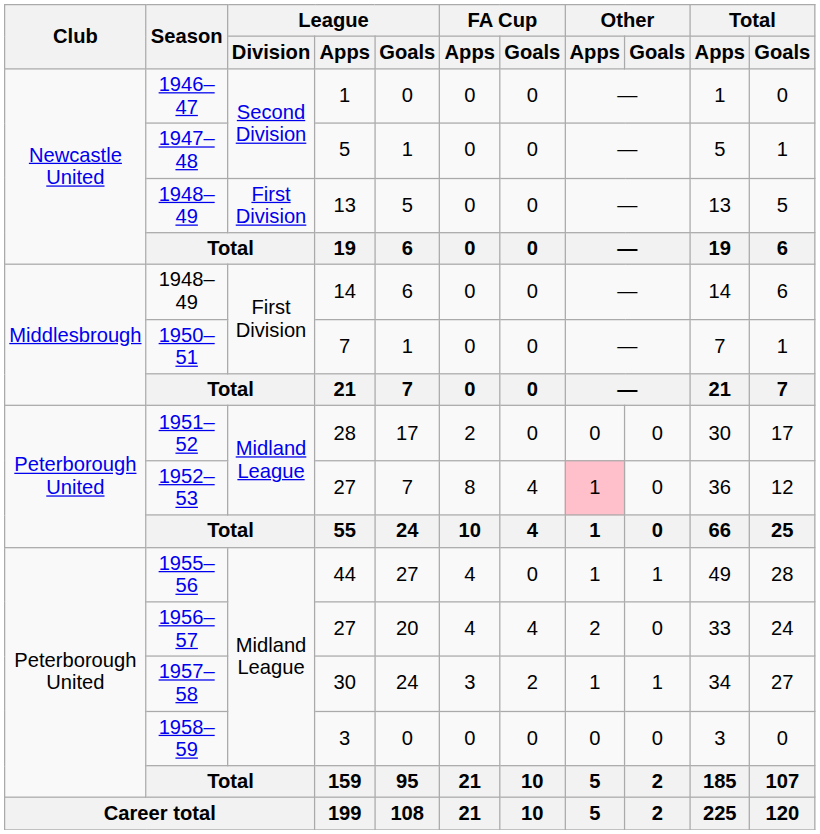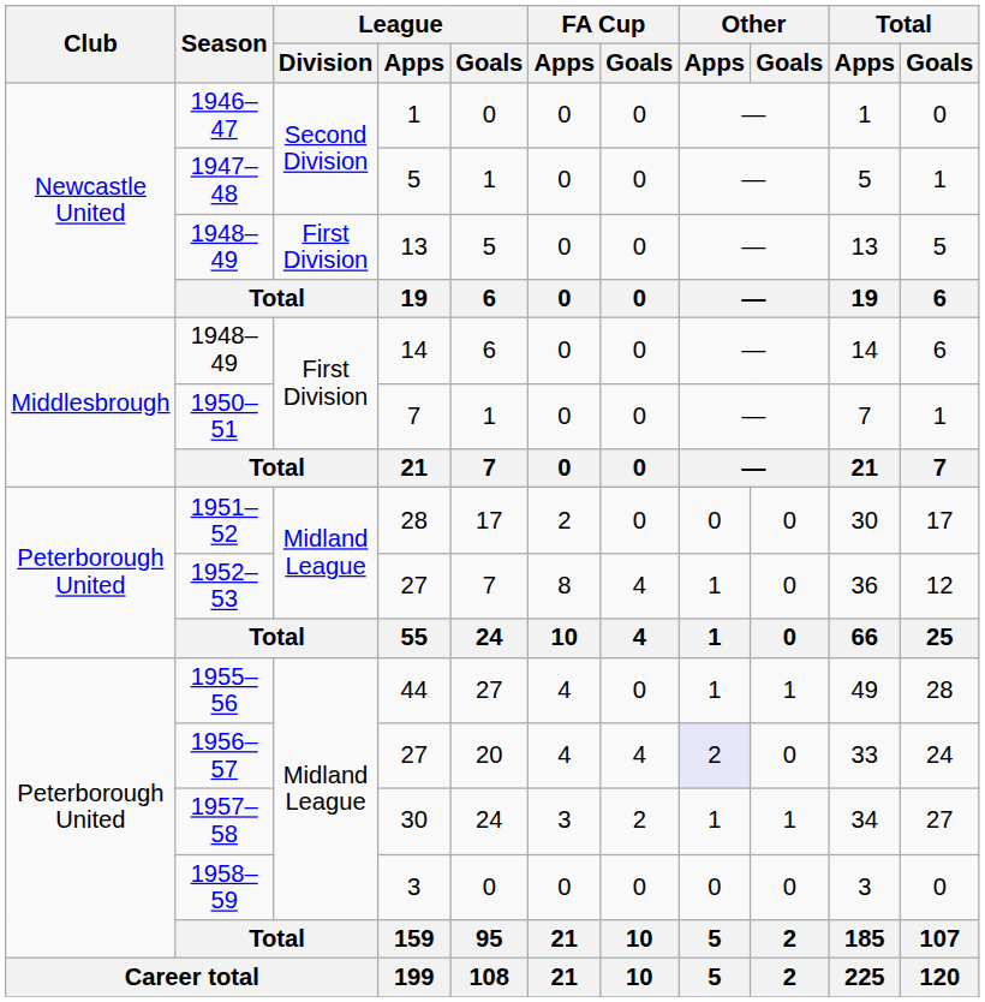 <table class="wikitable" style="text-align: center;">
 <tr>
 <th rowspan="2">Club</th>
 <th rowspan="2">Season</th>
 <th colspan="3">League</th>
 <th colspan="2">FA Cup</th>
 <th colspan="2">Other</th>
 <th colspan="2">Total</th>
 </tr>
 <tr>
 <th>Division</th>
 <th>Apps</th>
 <th>Goals</th>
 <th>Apps</th>
 <th>Goals</th>
 <th>Apps</th>
 <th>Goals</th>
 <th>Apps</th>
 <th>Goals</th>
 </tr>
 <tr>
 <td rowspan="4"><a href='#'>Newcastle United</a></td>
 <td><a href='#'>1946–47</a></td>
 <td rowspan="2"><a href='#'>Second Division</a></td>
 <td>1</td>
 <td>0</td>
 <td>0</td>
 <td>0</td>
 <td colspan="2">—</td>
 <td>1</td>
 <td>0</td>
 </tr>
 <tr>
 <td><a href='#'>1947–48</a></td>
 <td>5</td>
 <td>1</td>
 <td>0</td>
 <td>0</td>
 <td colspan="2">—</td>
 <td>5</td>
 <td>1</td>
 </tr>
 <tr>
 <td><a href='#'>1948–49</a></td>
 <td><a href='#'>First Division</a></td>
 <td>13</td>
 <td>5</td>
 <td>0</td>
 <td>0</td>
 <td colspan="2">—</td>
 <td>13</td>
 <td>5</td>
 </tr>
 <tr>
 <th colspan="2">Total</th>
 <th>19</th>
 <th>6</th>
 <th>0</th>
 <th>0</th>
 <th colspan="2">—</th>
 <th>19</th>
 <th>6</th>
 </tr>
 <tr>
 <td rowspan="3"><a href='#'>Middlesbrough</a></td>
 <td>1948–49</td>
 <td rowspan="2">First Division</td>
 <td>14</td>
 <td>6</td>
 <td>0</td>
 <td>0</td>
 <td colspan="2">—</td>
 <td>14</td>
 <td>6</td>
 </tr>
 <tr>
 <td><a href='#'>1950–51</a></td>
 <td>7</td>
 <td>1</td>
 <td>0</td>
 <td>0</td>
 <td colspan="2">—</td>
 <td>7</td>
 <td>1</td>
 </tr>
 <tr>
 <th colspan="2">Total</th>
 <th>21</th>
 <th>7</th>
 <th>0</th>
 <th>0</th>
 <th colspan="2">—</th>
 <th>21</th>
 <th>7</th>
 </tr>
 <tr>
 <td rowspan="3"><a href='#'>Peterborough United</a></td>
 <td><a href='#'>1951–52</a></td>
 <td rowspan="2"><a href='#'>Midland League</a></td>
 <td>28</td>
 <td>17</td>
 <td>2</td>
 <td>0</td>
 <td>0</td>
 <td>0</td>
 <td>30</td>
 <td>17</td>
 </tr>
 <tr>
 <td><a href='#'>1952–53</a></td>
 <td>27</td>
 <td>7</td>
 <td>8</td>
 <td>4</td>
-<td style="background: pink;">1</td>
+<td>1</td>
 <td>0</td>
 <td>36</td>
 <td>12</td>
 </tr>
 <tr>
 <th colspan="2">Total</th>
 <th>55</th>
 <th>24</th>
 <th>10</th>
 <th>4</th>
 <th>1</th>
 <th>0</th>
 <th>66</th>
 <th>25</th>
 </tr>
 <tr>
 <td rowspan="5">Peterborough United</td>
 <td><a href='#'>1955–56</a></td>
 <td rowspan="4">Midland League</td>
 <td>44</td>
 <td>27</td>
 <td>4</td>
 <td>0</td>
 <td>1</td>
 <td>1</td>
 <td>49</td>
 <td>28</td>
 </tr>
 <tr>
 <td><a href='#'>1956–57</a></td>
 <td>27</td>
 <td>20</td>
 <td>4</td>
 <td>4</td>
-<td>2</td>
+<td style="background: lavender;">2</td>
 <td>0</td>
 <td>33</td>
 <td>24</td>
 </tr>
 <tr>
 <td><a href='#'>1957–58</a></td>
 <td>30</td>
 <td>24</td>
 <td>3</td>
 <td>2</td>
 <td>1</td>
 <td>1</td>
 <td>34</td>
 <td>27</td>
 </tr>
 <tr>
 <td><a href='#'>1958–59</a></td>
 <td>3</td>
 <td>0</td>
 <td>0</td>
 <td>0</td>
 <td>0</td>
 <td>0</td>
 <td>3</td>
 <td>0</td>
 </tr>
 <tr>
 <th colspan="2">Total</th>
 <th>159</th>
 <th>95</th>
 <th>21</th>
 <th>10</th>
 <th>5</th>
 <th>2</th>
 <th>185</th>
 <th>107</th>
 </tr>
 <tr>
 <th colspan="3">Career total</th>
 <th>199</th>
 <th>108</th>
 <th>21</th>
 <th>10</th>
 <th>5</th>
 <th>2</th>
 <th>225</th>
 <th>120</th>
 </tr>
 </table>
